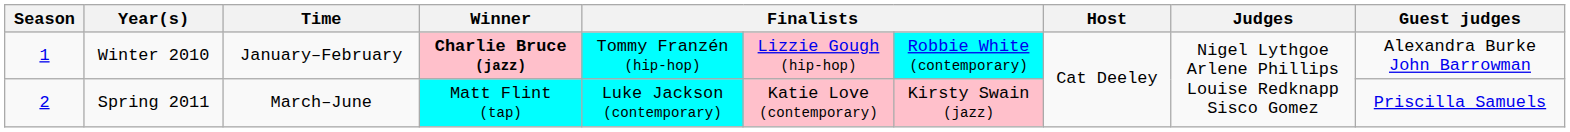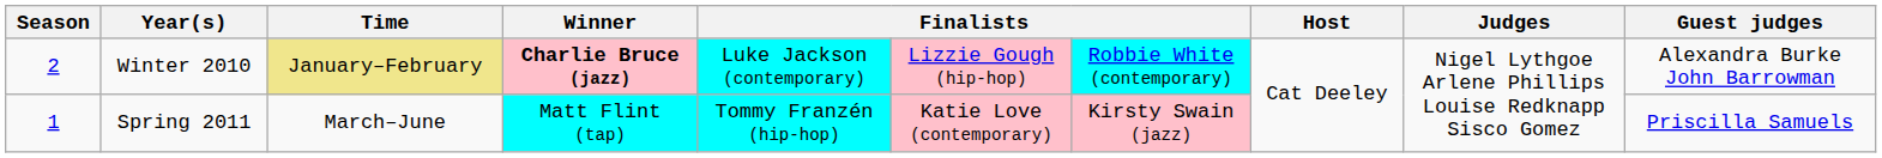 <table class="wikitable" style="text-align: center;" width="95%">
 <tr>
 <th style="align:center">Season</th>
 <th style="align:center">Year(s)</th>
 <th style="align:center">Time</th>
 <th style="align:center">Winner</th>
 <th style="align:center" colspan="3">Finalists</th>
 <th style="align:center">Host</th>
 <th style="align:center">Judges</th>
 <th style="align:center">Guest judges</th>
 </tr>
 <tr>
-<td><a href='#'>1</a></td>
+<td><a href='#'>2</a></td>
 <td>Winter 2010</td>
-<td>January–February</td>
+<td style="background: khaki;">January–February</td>
 <td bgcolor="pink"><strong>Charlie Bruce<br><small>(jazz)</small></strong></td>
-<td bgcolor="cyan">Tommy Franzén<br><small>(hip-hop)</small></td>
+<td bgcolor="cyan">Luke Jackson<br><small>(contemporary)</small></td>
 <td bgcolor="pink"><a href='#'>Lizzie Gough</a><br><small>(hip-hop)</small></td>
 <td bgcolor="cyan"><a href='#'>Robbie White</a><br><small>(contemporary)</small></td>
 <td rowspan="2">Cat Deeley</td>
 <td rowspan="2">Nigel Lythgoe<br>Arlene Phillips<br>Louise Redknapp<br>Sisco Gomez</td>
 <td rowspan="1">Alexandra Burke<br><a href='#'>John Barrowman</a></td>
 </tr>
 <tr>
-<td><a href='#'>2</a></td>
+<td><a href='#'>1</a></td>
 <td>Spring 2011</td>
 <td>March–June</td>
 <td bgcolor="cyan">Matt Flint<br><small>(tap)</small></td>
-<td bgcolor="cyan">Luke Jackson<br><small>(contemporary)</small></td>
+<td bgcolor="cyan">Tommy Franzén<br><small>(hip-hop)</small></td>
 <td bgcolor="pink">Katie Love<br><small>(contemporary)</small></td>
 <td bgcolor="pink">Kirsty Swain<br><small>(jazz)</small></td>
 <td rowspan="1"><a href='#'>Priscilla Samuels</a></td>
 </tr>
 </table>
